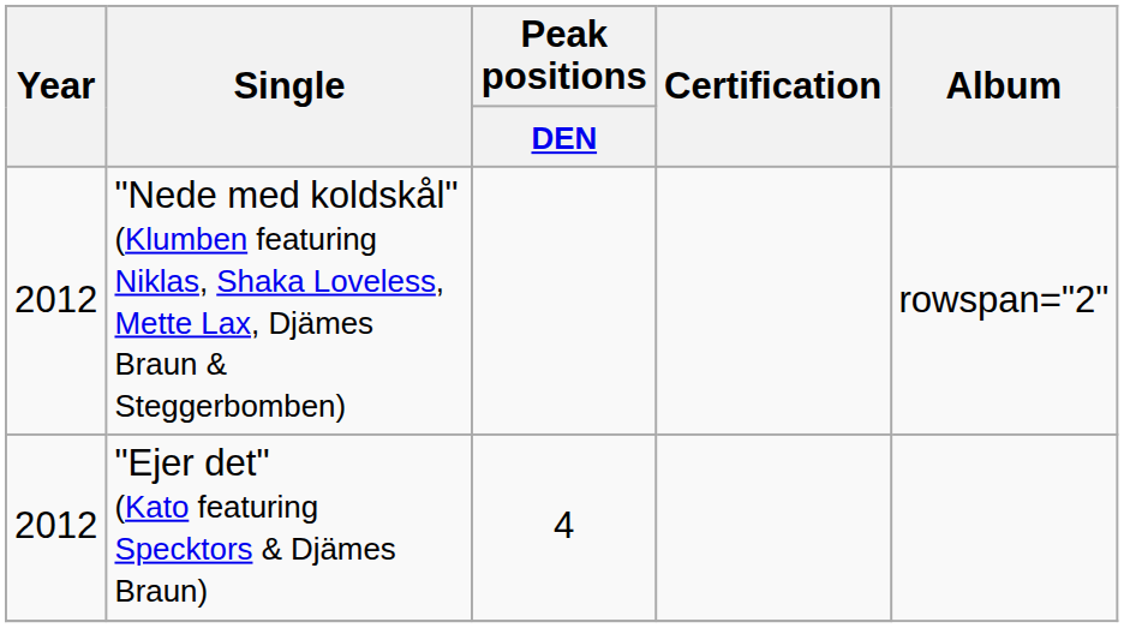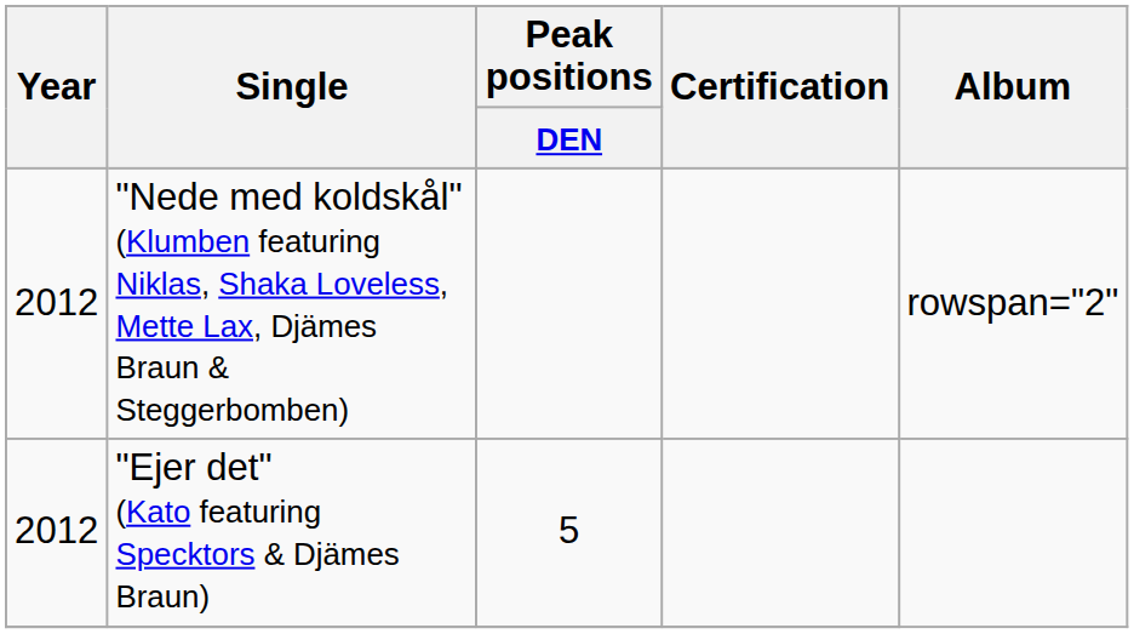 <table class="wikitable">
 <tr>
 <th align="center" rowspan="2" width="10">Year</th>
 <th align="center" rowspan="2" width="150">Single</th>
 <th align="center" colspan="1">Peak <br>positions</th>
 <th align="center" rowspan="2" width="40">Certification</th>
 <th align="center" rowspan="2" width="40">Album</th>
 </tr>
 <tr>
 <th width="20"><small><a href='#'>DEN</a></small><br></th>
 </tr>
 <tr>
 <td>2012</td>
 <td>"Nede med koldskål"<br><small>(<a href='#'>Klumben</a> featuring <a href='#'>Niklas</a>, <a href='#'>Shaka Loveless</a>, <a href='#'>Mette Lax</a>, Djämes Braun & Steggerbomben)</small></td>
 <td align="center"></td>
 <td align="center"></td>
 <td>rowspan="2" </td>
 </tr>
 <tr>
 <td>2012</td>
 <td>"Ejer det"<br><small>(<a href='#'>Kato</a> featuring <a href='#'>Specktors</a> & Djämes Braun)</small></td>
-<td align="center">4</td>
+<td align="center">5</td>
 <td align="center"></td>
 </tr>
 <tr>
 </tr>
 </table>
